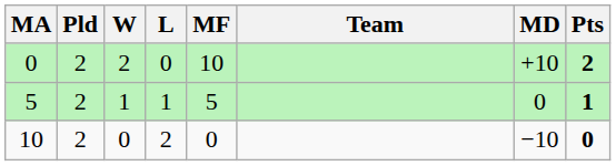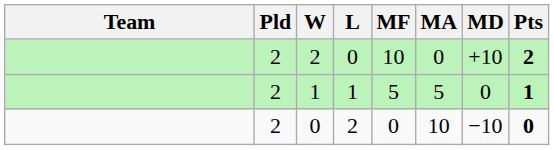 <table class="wikitable" style="text-align:center">
 <tr>
-<th width="20">MA</th>
+<th width="175">Team</th>
 <th width="20">Pld</th>
 <th width="20">W</th>
 <th width="20">L</th>
 <th width="20">MF</th>
-<th width="175">Team</th>
+<th width="20">MA</th>
 <th width="20">MD</th>
 <th width="20">Pts</th>
 </tr>
 <tr bgcolor="bbf3bb">
-<td>0</td>
+<td align="left"></td>
 <td>2</td>
 <td>2</td>
 <td>0</td>
 <td>10</td>
-<td align="left"></td>
+<td>0</td>
 <td>+10</td>
 <td><strong>2</strong></td>
 </tr>
 <tr bgcolor="bbf3bb">
-<td>5</td>
+<td align="left"></td>
 <td>2</td>
 <td>1</td>
 <td>1</td>
 <td>5</td>
-<td align="left"></td>
+<td>5</td>
 <td>0</td>
 <td><strong>1</strong></td>
 </tr>
 <tr>
-<td>10</td>
+<td align="left"></td>
 <td>2</td>
 <td>0</td>
 <td>2</td>
 <td>0</td>
-<td align="left"></td>
+<td>10</td>
 <td>−10</td>
 <td><strong>0</strong></td>
 </tr>
 </table>
